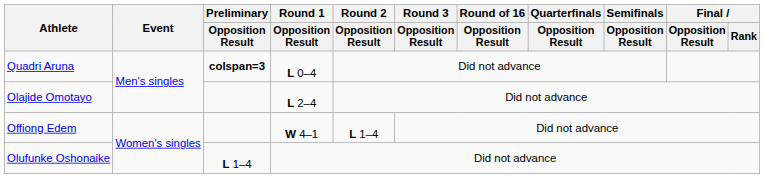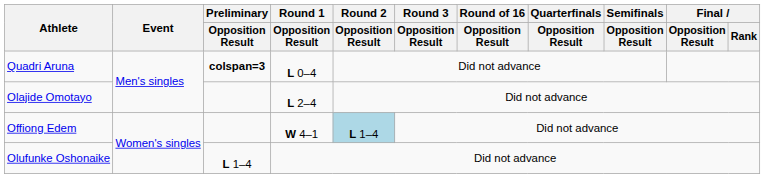 <table class="wikitable" style="font-size:90%;">
 <tr>
 <th rowspan=2>Athlete</th>
 <th rowspan=2>Event</th>
 <th>Preliminary</th>
 <th>Round 1</th>
 <th>Round 2</th>
 <th>Round 3</th>
 <th>Round of 16</th>
 <th>Quarterfinals</th>
 <th>Semifinals</th>
 <th colspan=2>Final / </th>
 </tr>
 <tr style="font-size:95%">
 <th>Opposition<br>Result</th>
 <th>Opposition<br>Result</th>
 <th>Opposition<br>Result</th>
 <th>Opposition<br>Result</th>
 <th>Opposition<br>Result</th>
 <th>Opposition<br>Result</th>
 <th>Opposition<br>Result</th>
 <th>Opposition<br>Result</th>
 <th>Rank</th>
 </tr>
 <tr align=center>
 <td align=left><a href='#'>Quadri Aruna</a></td>
 <td align=left rowspan=2><a href='#'>Men's singles</a></td>
 <td><strong>colspan=3 </strong></td>
 <td><br><strong>L</strong> 0–4</td>
 <td colspan=5>Did not advance</td>
 </tr>
 <tr align=center>
 <td align=left><a href='#'>Olajide Omotayo</a></td>
 <td></td>
 <td><br><strong>L</strong> 2–4</td>
 <td colspan=7>Did not advance</td>
 </tr>
 <tr align=center>
 <td align=left><a href='#'>Offiong Edem</a></td>
 <td align=left rowspan=2><a href='#'>Women's singles</a></td>
 <td></td>
 <td><br><strong>W</strong> 4–1</td>
-<td><br><strong>L</strong> 1–4</td>
+<td style="background: lightblue;"><br><strong>L</strong> 1–4</td>
 <td colspan=6>Did not advance</td>
 </tr>
 <tr align=center>
 <td align=left><a href='#'>Olufunke Oshonaike</a></td>
 <td><br><strong>L</strong> 1–4</td>
 <td colspan=8>Did not advance</td>
 </tr>
 </table>
